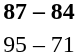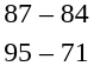 <table style="text-align:center">
 <tr>
 <th width=200></th>
 <th width=100></th>
 <th width=200></th>
 <th></th>
 </tr>
 <tr>
 <td align=right><strong></strong></td>
-<td><strong>87 – 84</strong></td>
+<td>87 – 84</td>
 <td align=left></td>
 </tr>
 <tr>
 <td align=right><strong></strong></td>
 <td>95 – 71</td>
 <td align=left></td>
 </tr>
 </table>
